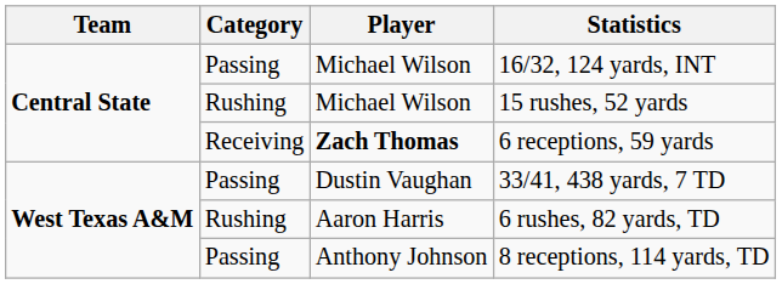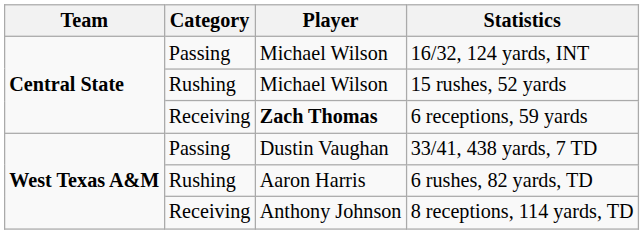 <table class="wikitable" style="float: left;">
 <tr>
 <th>Team</th>
 <th>Category</th>
 <th>Player</th>
 <th>Statistics</th>
 </tr>
 <tr>
 <td rowspan=3><strong>Central State</strong></td>
 <td>Passing</td>
 <td>Michael Wilson</td>
 <td>16/32, 124 yards, INT</td>
 </tr>
 <tr>
 <td>Rushing</td>
 <td>Michael Wilson</td>
 <td>15 rushes, 52 yards</td>
 </tr>
 <tr>
 <td>Receiving</td>
 <td><strong>Zach Thomas</strong></td>
 <td>6 receptions, 59 yards</td>
 </tr>
 <tr>
 <td rowspan=3><strong>West Texas A&M</strong></td>
 <td>Passing</td>
 <td>Dustin Vaughan</td>
 <td>33/41, 438 yards, 7 TD</td>
 </tr>
 <tr>
 <td>Rushing</td>
 <td>Aaron Harris</td>
 <td>6 rushes, 82 yards, TD</td>
 </tr>
 <tr>
-<td>Passing</td>
+<td>Receiving</td>
 <td>Anthony Johnson</td>
 <td>8 receptions, 114 yards, TD</td>
 </tr>
 </table>
